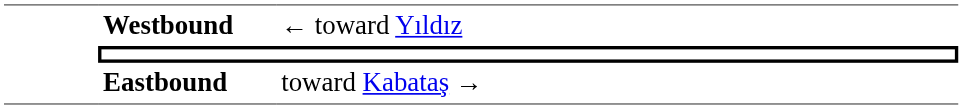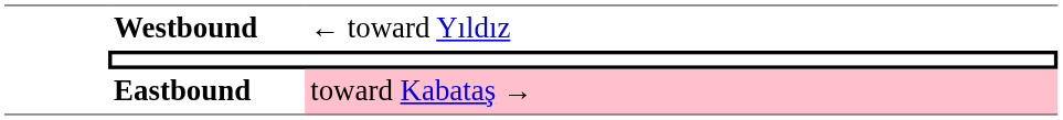 <table table border=0 cellspacing=0 cellpadding=3>
 <tr>
 <td style="border-top:solid 1px gray;border-bottom:solid 1px gray;" width=50 rowspan=3 valign=top></td>
 <td style="border-top:solid 1px gray;" width=100><strong>Westbound</strong></td>
 <td style="border-top:solid 1px gray;" width=400>←  toward <a href='#'>Yıldız</a></td>
 </tr>
 <tr>
 <td style="border-top:solid 2px black;border-right:solid 2px black;border-left:solid 2px black;border-bottom:solid 2px black;text-align:center;" colspan=2></td>
 </tr>
 <tr>
 <td style="border-bottom:solid 1px gray;"><strong>Eastbound</strong></td>
-<td style="border-bottom:solid 1px gray;"> toward <a href='#'>Kabataş</a> →</td>
+<td style="background: pink; border-bottom:solid 1px gray;"> toward <a href='#'>Kabataş</a> →</td>
 </tr>
 </table>
